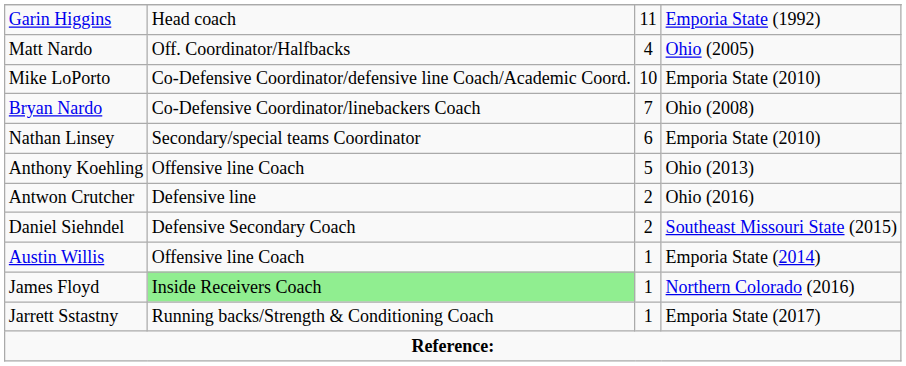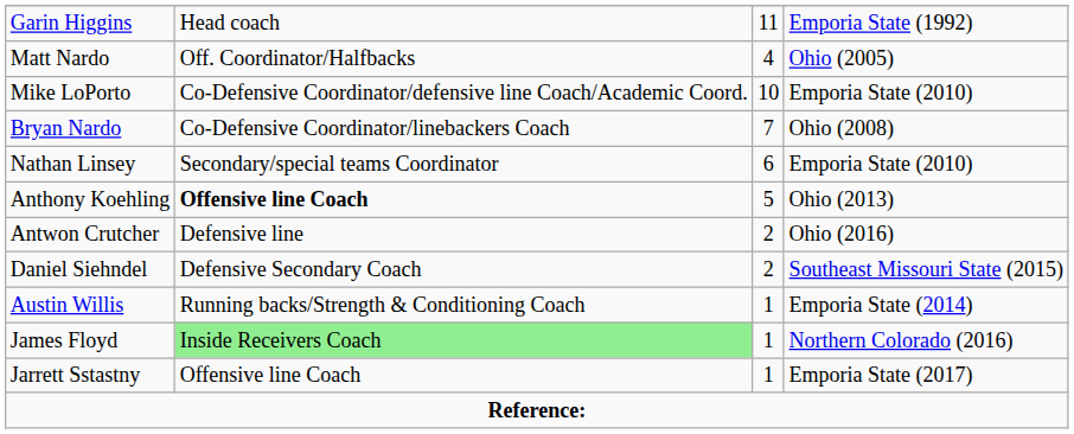 <table class="wikitable" style="font-size:90%;">
 <tr>
 </tr>
 <tr>
 <td><a href='#'>Garin Higgins</a></td>
 <td>Head coach</td>
 <td align=center>11</td>
 <td><a href='#'>Emporia State</a> (1992)</td>
 </tr>
 <tr>
 <td>Matt Nardo</td>
 <td>Off. Coordinator/Halfbacks</td>
 <td align=center>4</td>
 <td><a href='#'>Ohio</a> (2005)</td>
 </tr>
 <tr>
 <td>Mike LoPorto</td>
 <td>Co-Defensive Coordinator/defensive line Coach/Academic Coord.</td>
 <td align=center>10</td>
 <td>Emporia State (2010)</td>
 </tr>
 <tr>
 <td><a href='#'>Bryan Nardo</a></td>
 <td>Co-Defensive Coordinator/linebackers Coach</td>
 <td align=center>7</td>
 <td>Ohio (2008)</td>
 </tr>
 <tr>
 <td>Nathan Linsey</td>
 <td>Secondary/special teams Coordinator</td>
 <td align=center>6</td>
 <td>Emporia State (2010)</td>
 </tr>
 <tr>
 <td>Anthony Koehling</td>
-<td>Offensive line Coach</td>
+<td><strong>Offensive line Coach</strong></td>
 <td align=center>5</td>
 <td>Ohio (2013)</td>
 </tr>
 <tr>
 <td>Antwon Crutcher</td>
 <td>Defensive line</td>
 <td align=center>2</td>
 <td>Ohio (2016)</td>
 </tr>
 <tr>
 <td>Daniel Siehndel</td>
 <td>Defensive Secondary Coach</td>
 <td align=center>2</td>
 <td><a href='#'>Southeast Missouri State</a> (2015)</td>
 </tr>
 <tr>
 <td><a href='#'>Austin Willis</a></td>
-<td>Offensive line Coach</td>
+<td>Running backs/Strength & Conditioning Coach</td>
 <td align=center>1</td>
 <td>Emporia State (<a href='#'>2014</a>)</td>
 </tr>
 <tr>
 <td>James Floyd</td>
 <td style="background: lightgreen;">Inside Receivers Coach</td>
 <td align=center>1</td>
 <td><a href='#'>Northern Colorado</a> (2016)</td>
 </tr>
 <tr>
 <td>Jarrett Sstastny</td>
-<td>Running backs/Strength & Conditioning Coach</td>
+<td>Offensive line Coach</td>
 <td align=center>1</td>
 <td>Emporia State (2017)</td>
 </tr>
 <tr style="text-align:center;">
 <td colspan=4><strong>Reference:</strong></td>
 </tr>
 </table>
